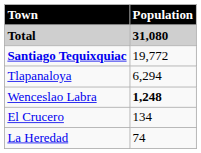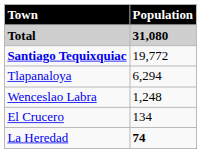 <table class="wikitable">
 <tr style="background:#000000; color:#FFFFFF;">
 <td><strong>Town</strong></td>
 <td><strong>Population</strong></td>
 </tr>
 <tr style="background:#CFCFCF;">
 <td><strong>Total</strong></td>
 <td><strong>31,080</strong></td>
 </tr>
 <tr>
 <td><strong><a href='#'>Santiago Tequixquiac</a></strong></td>
 <td>19,772</td>
 </tr>
 <tr>
 <td><a href='#'>Tlapanaloya</a></td>
 <td>6,294</td>
 </tr>
 <tr>
 <td><a href='#'>Wenceslao Labra</a></td>
-<td><strong>1,248</strong></td>
+<td>1,248</td>
 </tr>
 <tr>
 <td><a href='#'>El Crucero</a></td>
 <td>134</td>
 </tr>
 <tr>
 <td><a href='#'>La Heredad</a></td>
-<td>74</td>
+<td><strong>74</strong></td>
 </tr>
 </table>
